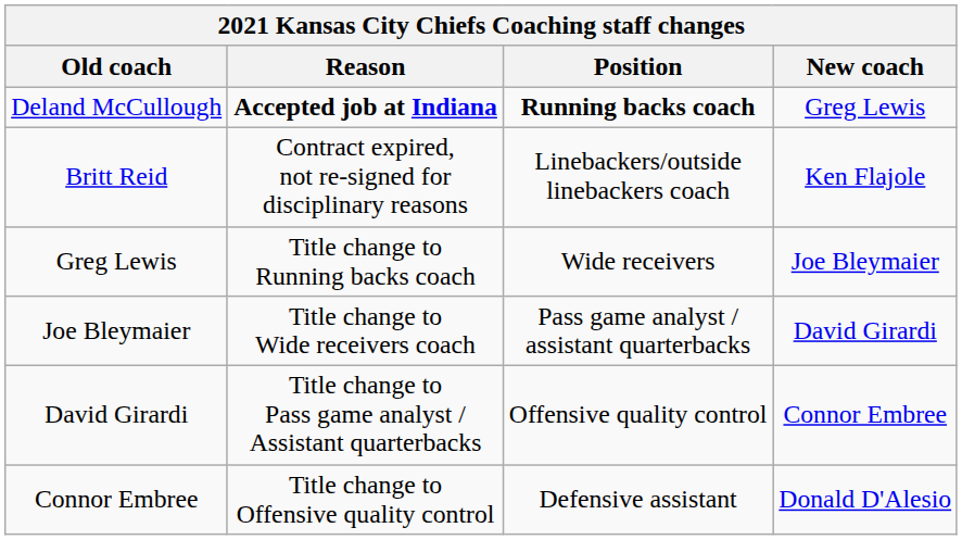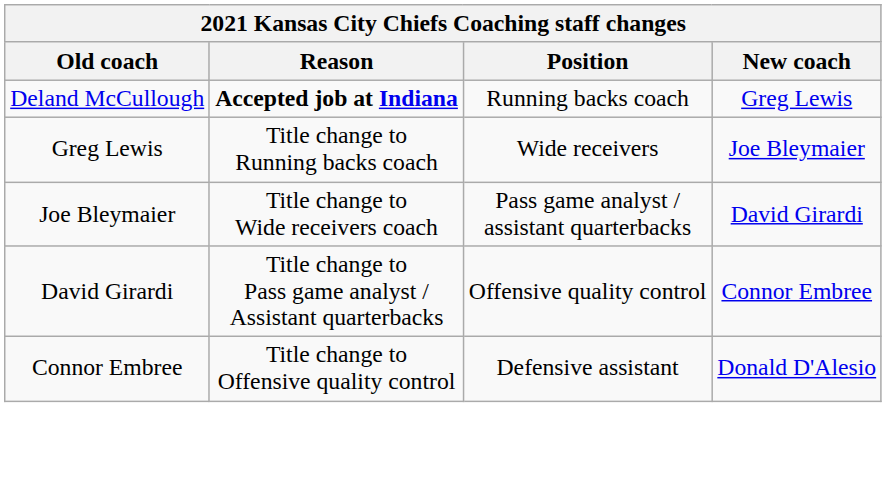 <table class="wikitable" style="text-align:center">
 <tr>
 <th colspan=4>2021 Kansas City Chiefs Coaching staff changes</th>
 </tr>
 <tr>
 <th>Old coach</th>
 <th>Reason</th>
 <th>Position</th>
 <th>New coach</th>
 </tr>
 <tr>
 <td><a href='#'>Deland McCullough</a></td>
 <td><strong>Accepted job at <a href='#'>Indiana</a></strong></td>
-<td><strong>Running backs coach</strong></td>
+<td>Running backs coach</td>
 <td><a href='#'>Greg Lewis</a></td>
-</tr>
-<tr>
-<td><a href='#'>Britt Reid</a></td>
-<td>Contract expired,<br>not re-signed for<br>disciplinary reasons</td>
-<td>Linebackers/outside<br>linebackers coach</td>
-<td><a href='#'>Ken Flajole</a></td>
 </tr>
 <tr>
 <td>Greg Lewis</td>
 <td>Title change to<br>Running backs coach</td>
 <td>Wide receivers</td>
 <td><a href='#'>Joe Bleymaier</a></td>
 </tr>
 <tr>
 <td>Joe Bleymaier</td>
 <td>Title change to<br>Wide receivers coach</td>
 <td>Pass game analyst /<br>assistant quarterbacks</td>
 <td><a href='#'>David Girardi</a></td>
 </tr>
 <tr>
 <td>David Girardi</td>
 <td>Title change to<br>Pass game analyst /<br>Assistant quarterbacks</td>
 <td>Offensive quality control</td>
 <td><a href='#'>Connor Embree</a></td>
 </tr>
 <tr>
 <td>Connor Embree</td>
 <td>Title change to<br>Offensive quality control</td>
 <td>Defensive assistant</td>
 <td><a href='#'>Donald D'Alesio</a></td>
 </tr>
 </table>
